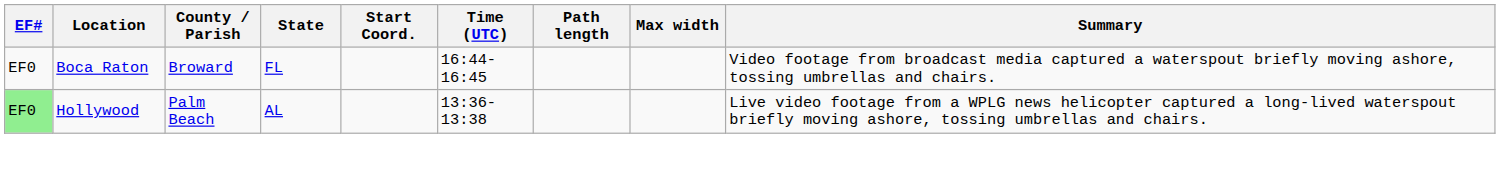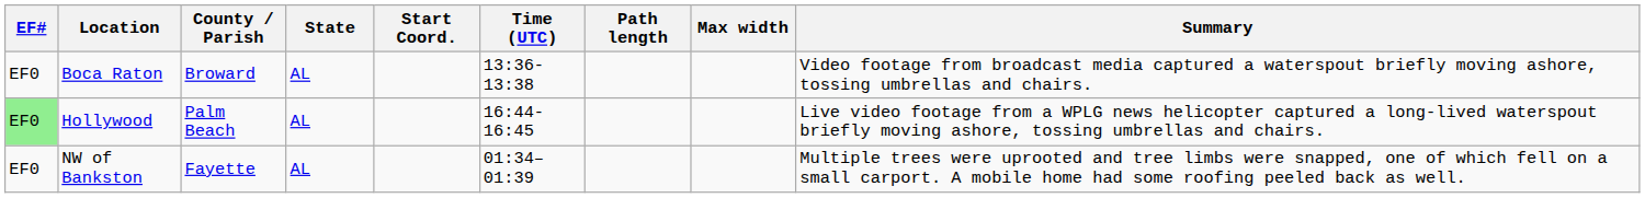 <table class="wikitable sortable" style="width:100%;">
 <tr>
 <th scope="col"  style="width:3%; text-align:center;"><a href='#'>EF#</a></th>
 <th scope="col"  style="width:7%; text-align:center;" class="unsortable">Location</th>
 <th scope="col"  style="width:6%; text-align:center;" class="unsortable">County / Parish</th>
 <th scope="col"  style="width:5%; text-align:center;">State</th>
 <th scope="col"  style="width:6%; text-align:center;">Start Coord.</th>
 <th scope="col"  style="width:6%; text-align:center;">Time (<a href='#'>UTC</a>)</th>
 <th scope="col"  style="width:6%; text-align:center;">Path length</th>
 <th scope="col"  style="width:6%; text-align:center;">Max width</th>
 <th scope="col" class="unsortable" style="width:48%; text-align:center;">Summary</th>
 </tr>
 <tr>
 <td>EF0</td>
 <td><a href='#'>Boca Raton</a></td>
 <td><a href='#'>Broward</a></td>
-<td><a href='#'>FL</a></td>
+<td><a href='#'>AL</a></td>
 <td></td>
-<td>16:44-16:45</td>
+<td>13:36-13:38</td>
 <td></td>
 <td></td>
 <td>Video footage from broadcast media captured a waterspout briefly moving ashore, tossing umbrellas and chairs.</td>
 </tr>
 <tr>
 <td style="background: lightgreen;">EF0</td>
 <td><a href='#'>Hollywood</a></td>
 <td><a href='#'>Palm Beach</a></td>
 <td><a href='#'>AL</a></td>
 <td></td>
-<td>13:36-13:38</td>
+<td>16:44-16:45</td>
 <td></td>
 <td></td>
 <td>Live video footage from a WPLG news helicopter captured a long-lived waterspout briefly moving ashore, tossing umbrellas and chairs.</td>
 </tr>
+<tr>
+<td>EF0</td>
+<td>NW of <a href='#'>Bankston</a></td>
+<td><a href='#'>Fayette</a></td>
+<td><a href='#'>AL</a></td>
+<td></td>
+<td>01:34–01:39</td>
+<td></td>
+<td></td>
+<td>Multiple trees were uprooted and tree limbs were snapped, one of which fell on a small carport. A mobile home had some roofing peeled back as well.</td>
+</tr>
 </table>
